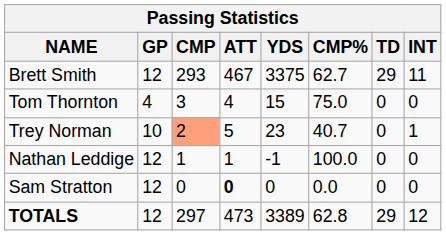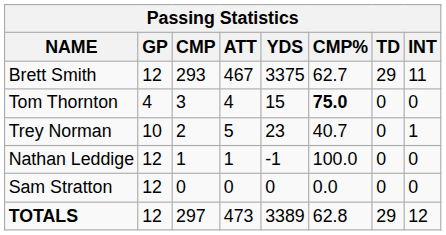 <table class="wikitable sortable collapsible collapsed">
 <tr>
 <th colspan="10">Passing Statistics</th>
 </tr>
 <tr>
 <th>NAME</th>
 <th>GP</th>
 <th>CMP</th>
 <th>ATT</th>
 <th>YDS</th>
 <th>CMP%</th>
 <th>TD</th>
 <th>INT</th>
 </tr>
 <tr>
 <td>Brett Smith</td>
 <td>12</td>
 <td>293</td>
 <td>467</td>
 <td>3375</td>
 <td>62.7</td>
 <td>29</td>
 <td>11</td>
 </tr>
 <tr>
 <td>Tom Thornton</td>
 <td>4</td>
 <td>3</td>
 <td>4</td>
 <td>15</td>
-<td>75.0</td>
+<td><strong>75.0</strong></td>
 <td>0</td>
 <td>0</td>
 </tr>
 <tr>
 <td>Trey Norman</td>
 <td>10</td>
-<td style="background: lightsalmon;">2</td>
+<td>2</td>
 <td>5</td>
 <td>23</td>
 <td>40.7</td>
 <td>0</td>
 <td>1</td>
 </tr>
 <tr>
 <td>Nathan Leddige</td>
 <td>12</td>
 <td>1</td>
 <td>1</td>
 <td>-1</td>
 <td>100.0</td>
 <td>0</td>
 <td>0</td>
 </tr>
 <tr>
 <td>Sam Stratton</td>
 <td>12</td>
 <td>0</td>
-<td><strong>0</strong></td>
+<td>0</td>
 <td>0</td>
 <td>0.0</td>
 <td>0</td>
 <td>0</td>
 </tr>
 <tr>
 <td><strong>TOTALS</strong></td>
 <td>12</td>
 <td>297</td>
 <td>473</td>
 <td>3389</td>
 <td>62.8</td>
 <td>29</td>
 <td>12</td>
 </tr>
 </table>
